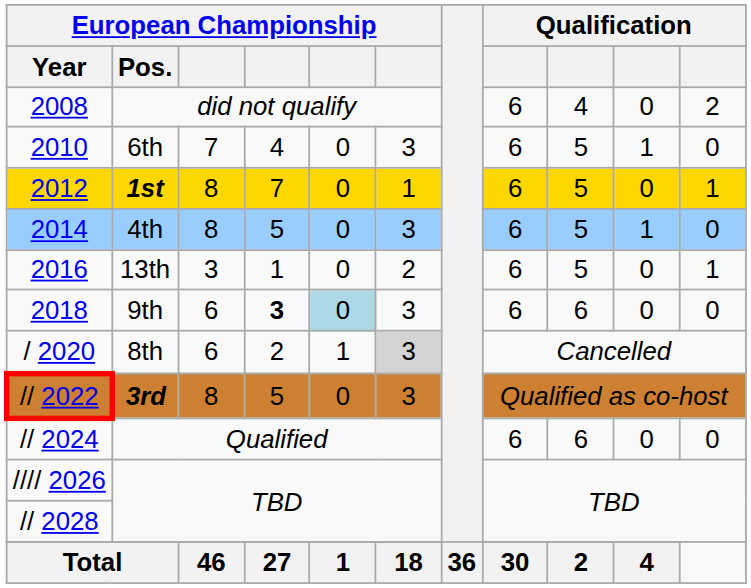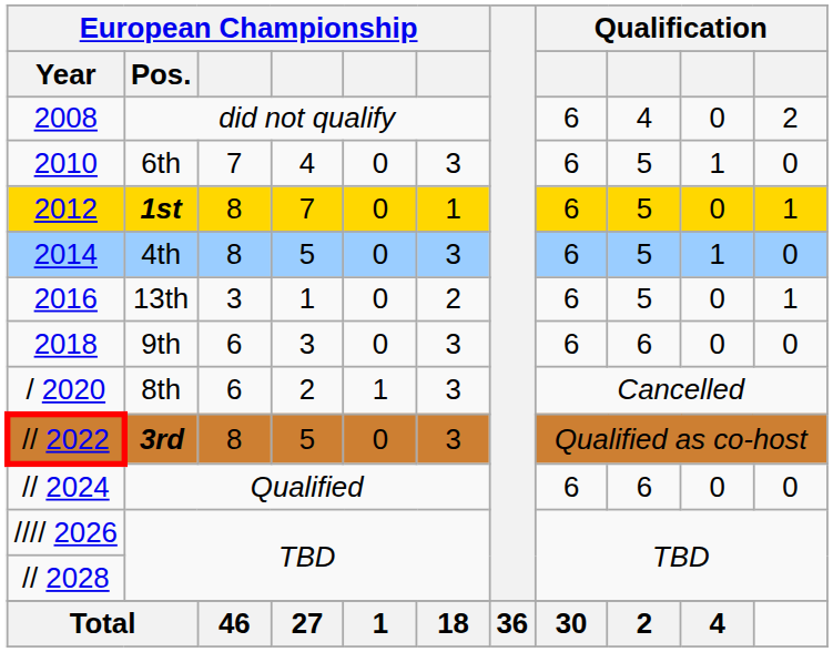 <table class="wikitable" style="text-align: center;font-size:90%;">
 <tr>
 <th colspan=6><a href='#'>European Championship</a></th>
 <th rowspan=14></th>
 <th colspan=4>Qualification</th>
 </tr>
 <tr>
 <th>Year</th>
 <th>Pos.</th>
 <th width=30></th>
 <th width=30></th>
 <th width=30></th>
 <th width=30></th>
 <th width=30></th>
 <th width=30></th>
 <th width=30></th>
 <th width=30></th>
 </tr>
 <tr>
 <td> <a href='#'>2008</a></td>
 <td colspan=5><em>did not qualify</em></td>
 <td>6</td>
 <td>4</td>
 <td>0</td>
 <td>2</td>
 </tr>
 <tr>
 <td>  <a href='#'>2010</a></td>
 <td>6th</td>
 <td>7</td>
 <td>4</td>
 <td>0</td>
 <td>3</td>
 <td>6</td>
 <td>5</td>
 <td>1</td>
 <td>0</td>
 </tr>
 <tr bgcolor=gold>
 <td> <a href='#'>2012</a></td>
 <td><strong><em>1st</em></strong></td>
 <td>8</td>
 <td>7</td>
 <td>0</td>
 <td>1</td>
 <td>6</td>
 <td>5</td>
 <td>0</td>
 <td>1</td>
 </tr>
 <tr style="background:#9acdff;">
 <td>  <a href='#'>2014</a></td>
 <td>4th</td>
 <td>8</td>
 <td>5</td>
 <td>0</td>
 <td>3</td>
 <td>6</td>
 <td>5</td>
 <td>1</td>
 <td>0</td>
 </tr>
 <tr>
 <td> <a href='#'>2016</a></td>
 <td>13th</td>
 <td>3</td>
 <td>1</td>
 <td>0</td>
 <td>2</td>
 <td>6</td>
 <td>5</td>
 <td>0</td>
 <td>1</td>
 </tr>
 <tr>
 <td> <a href='#'>2018</a></td>
 <td>9th</td>
 <td>6</td>
-<td><strong>3</strong></td>
-<td style="background: lightblue;">0</td>
+<td>3</td>
+<td>0</td>
 <td>3</td>
 <td>6</td>
 <td>6</td>
 <td>0</td>
 <td>0</td>
 </tr>
 <tr>
 <td>/ <a href='#'>2020</a></td>
 <td>8th</td>
 <td>6</td>
 <td>2</td>
 <td>1</td>
-<td style="background: lightgrey;">3</td>
+<td>3</td>
 <td colspan=4><em>Cancelled</em></td>
 </tr>
 <tr style="background:#cd7f32;">
 <td style="border: 3px solid red">// <a href='#'>2022</a></td>
 <td><strong><em>3rd</em></strong></td>
 <td>8</td>
 <td>5</td>
 <td>0</td>
 <td>3</td>
 <td colspan=4><em>Qualified as co-host</em></td>
 </tr>
 <tr>
 <td>// <a href='#'>2024</a></td>
 <td colspan=5 rowspan=1><em>Qualified</em></td>
 <td>6</td>
 <td>6</td>
 <td>0</td>
 <td>0</td>
 </tr>
 <tr>
 <td>//// <a href='#'>2026</a></td>
 <td colspan=5 rowspan=2><em>TBD</em></td>
 <td colspan=4 rowspan=2><em>TBD</em></td>
 </tr>
 <tr>
 <td>// <a href='#'>2028</a></td>
 </tr>
 <tr>
 </tr>
 <tr>
 <th colspan=2>Total</th>
 <th>46</th>
 <th>27</th>
 <th>1</th>
 <th>18</th>
 <th>36</th>
 <th>30</th>
 <th>2</th>
 <th>4</th>
 </tr>
 </table>
